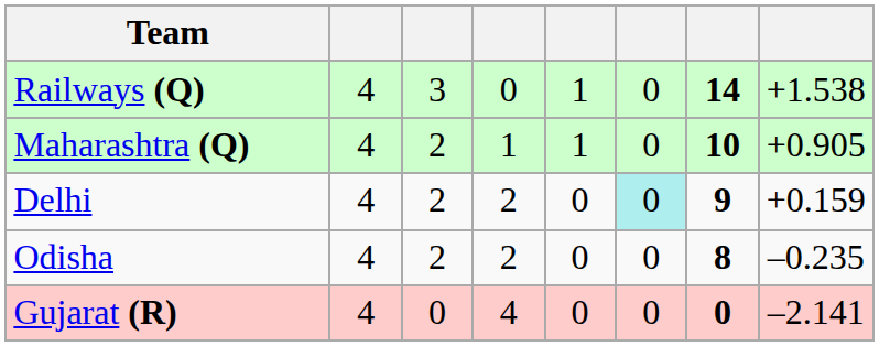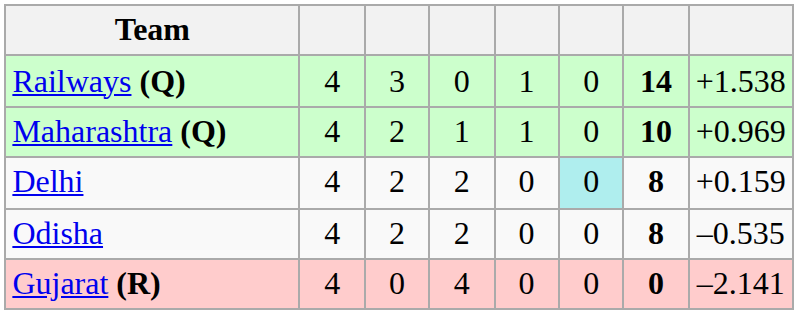 <table class="wikitable" style="text-align:center">
 <tr>
 <th style="width:140px;">Team</th>
 <th style="width:25px;"></th>
 <th style="width:25px;"></th>
 <th style="width:25px;"></th>
 <th style="width:25px;"></th>
 <th style="width:25px;"></th>
 <th style="width:25px;"></th>
 <th style="width:40px;"></th>
 </tr>
 <tr style="background:#cfc;">
 <td style="text-align:left"><a href='#'>Railways</a> <strong>(Q)</strong></td>
 <td>4</td>
 <td>3</td>
 <td>0</td>
 <td>1</td>
 <td>0</td>
 <td><strong>14</strong></td>
 <td>+1.538</td>
 </tr>
 <tr style="background:#cfc;">
 <td style="text-align:left"><a href='#'>Maharashtra</a> <strong>(Q)</strong></td>
 <td>4</td>
 <td>2</td>
 <td>1</td>
 <td>1</td>
 <td>0</td>
 <td><strong>10</strong></td>
-<td>+0.905</td>
+<td>+0.969</td>
 </tr>
 <tr>
 <td style="text-align:left"><a href='#'>Delhi</a></td>
 <td>4</td>
 <td>2</td>
 <td>2</td>
 <td>0</td>
 <td style="background: paleturquoise;">0</td>
-<td><strong>9</strong></td>
+<td><strong>8</strong></td>
 <td>+0.159</td>
 </tr>
 <tr>
 <td style="text-align:left"><a href='#'>Odisha</a></td>
 <td>4</td>
 <td>2</td>
 <td>2</td>
 <td>0</td>
 <td>0</td>
 <td><strong>8</strong></td>
-<td>–0.235</td>
+<td>–0.535</td>
 </tr>
 <tr style="background:#FFCCCC">
 <td style="text-align:left"><a href='#'>Gujarat</a> <strong>(R)</strong></td>
 <td>4</td>
 <td>0</td>
 <td>4</td>
 <td>0</td>
 <td>0</td>
 <td><strong>0</strong></td>
 <td>–2.141</td>
 </tr>
 </table>
